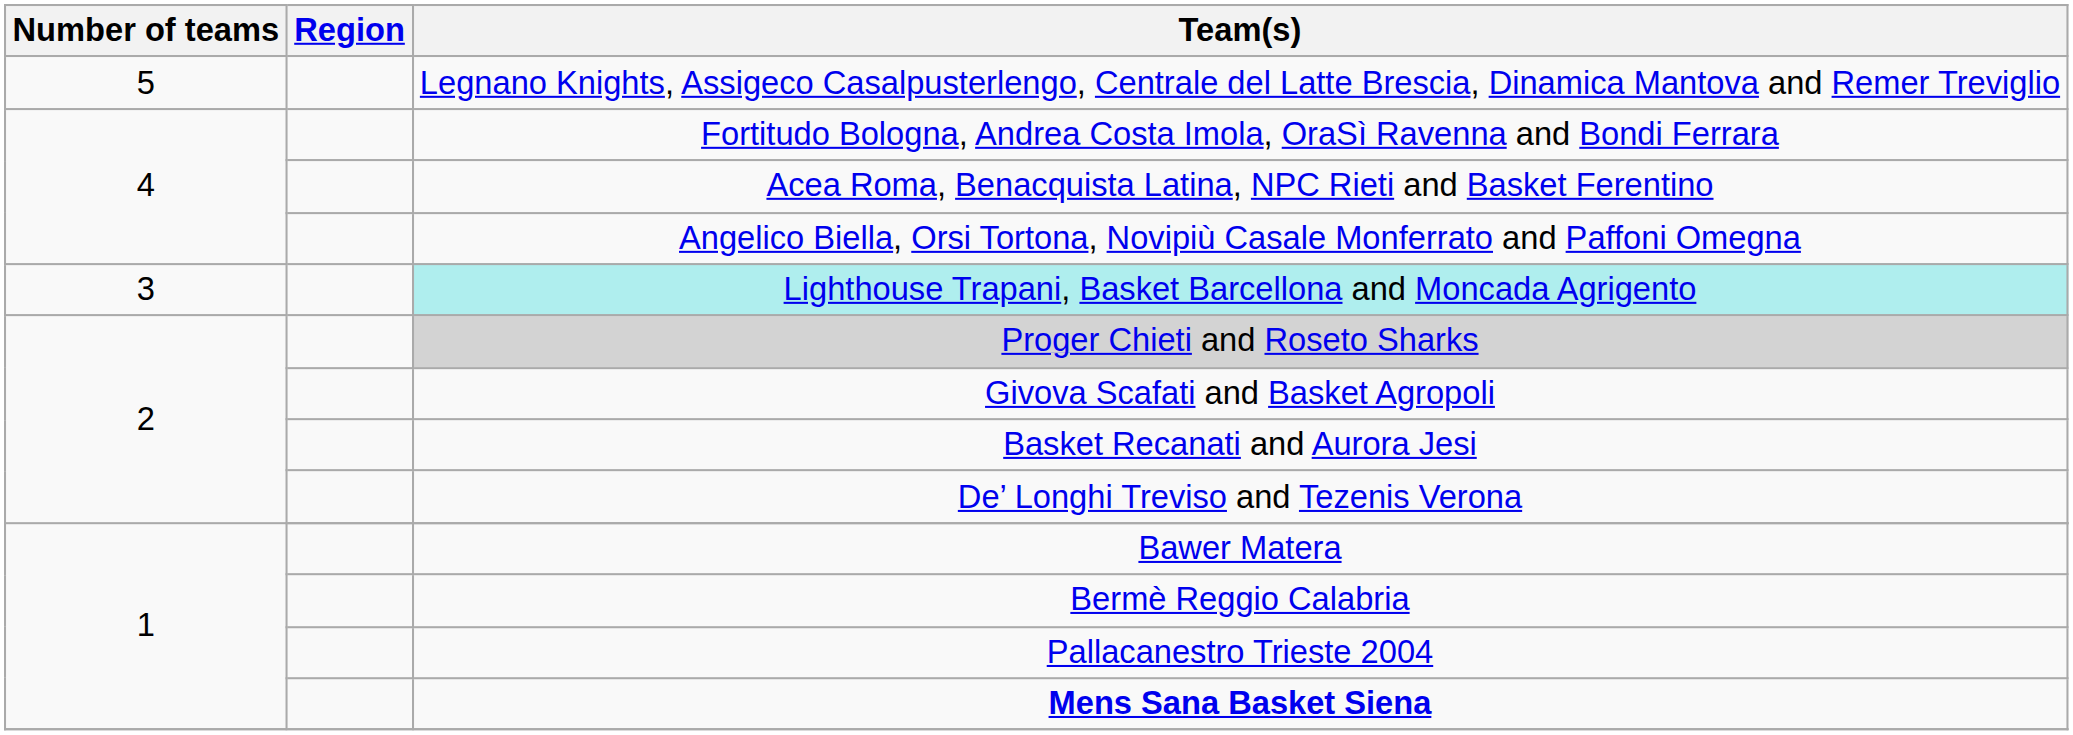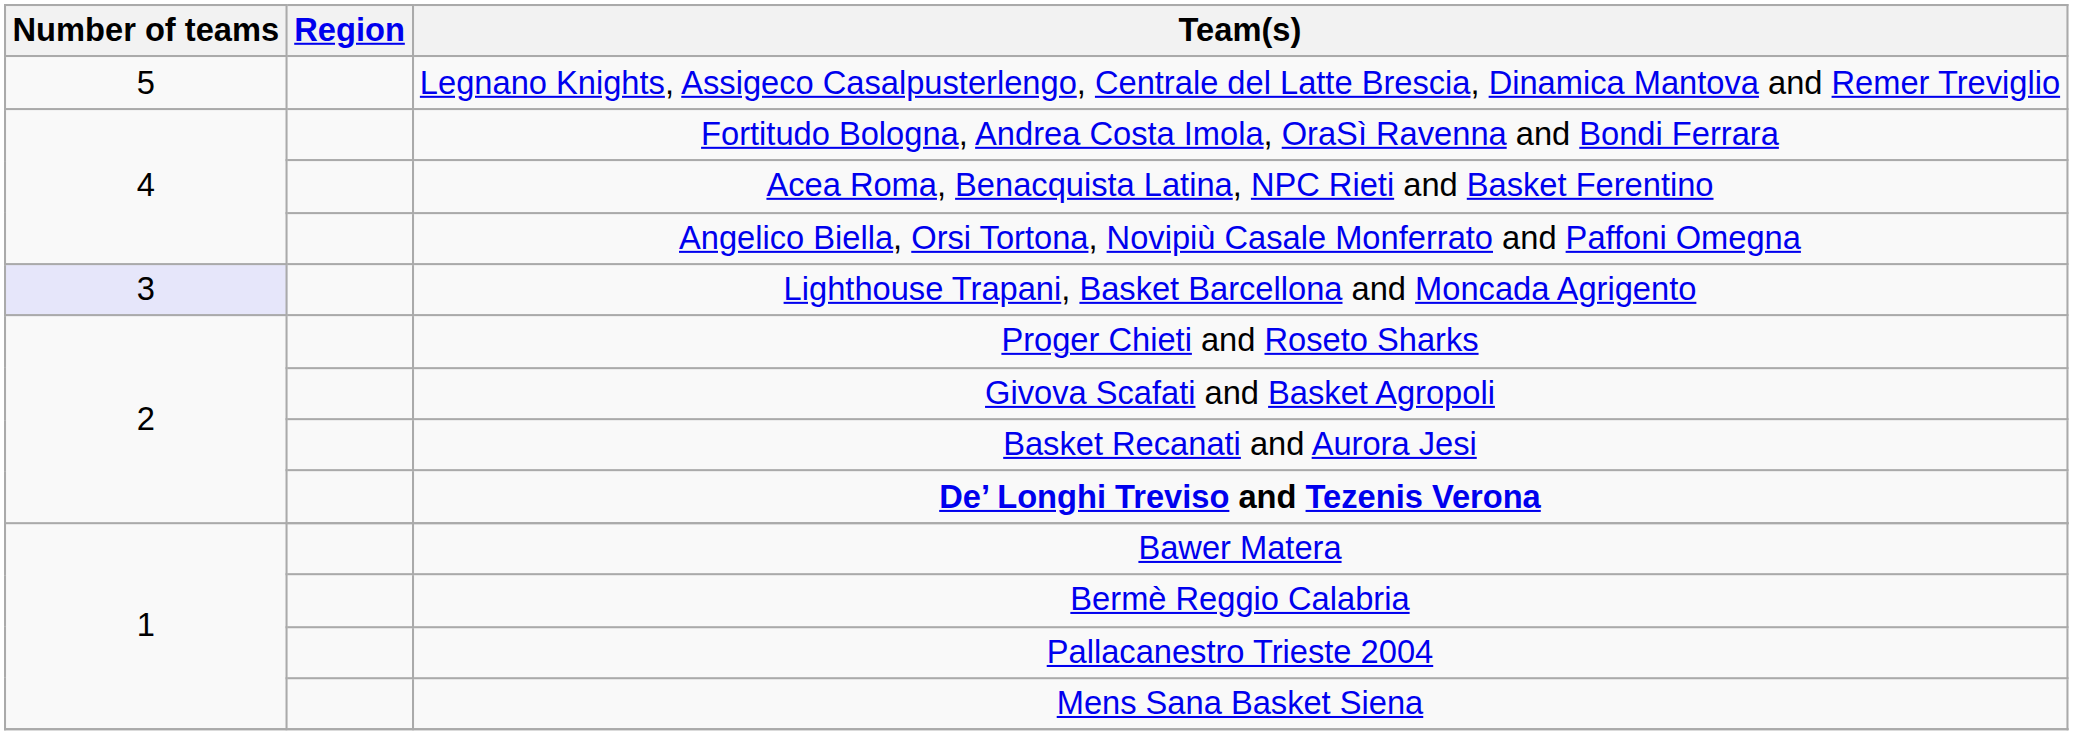 <table class="wikitable" style="text-align:center">
 <tr>
 <th>Number of teams</th>
 <th><a href='#'>Region</a></th>
 <th>Team(s)</th>
 </tr>
 <tr>
 <td rowspan="1">5</td>
 <td align="left"></td>
 <td><a href='#'>Legnano Knights</a>, <a href='#'>Assigeco Casalpusterlengo</a>, <a href='#'>Centrale del Latte Brescia</a>, <a href='#'>Dinamica Mantova</a> and <a href='#'>Remer Treviglio</a></td>
 </tr>
 <tr>
 <td rowspan="3">4</td>
 <td align="left"></td>
 <td><a href='#'>Fortitudo Bologna</a>, <a href='#'>Andrea Costa Imola</a>, <a href='#'>OraSì Ravenna</a> and <a href='#'>Bondi Ferrara</a></td>
 </tr>
 <tr>
 <td align="left"></td>
 <td><a href='#'>Acea Roma</a>, <a href='#'>Benacquista Latina</a>, <a href='#'>NPC Rieti</a> and <a href='#'>Basket Ferentino</a></td>
 </tr>
 <tr>
 <td align="left"></td>
 <td><a href='#'>Angelico Biella</a>, <a href='#'>Orsi Tortona</a>, <a href='#'>Novipiù Casale Monferrato</a> and <a href='#'>Paffoni Omegna</a></td>
 </tr>
 <tr>
-<td rowspan="1">3</td>
+<td rowspan="1" style="background: lavender;">3</td>
 <td align="left"></td>
-<td style="background: paleturquoise;"><a href='#'>Lighthouse Trapani</a>, <a href='#'>Basket Barcellona</a> and <a href='#'>Moncada Agrigento</a></td>
+<td><a href='#'>Lighthouse Trapani</a>, <a href='#'>Basket Barcellona</a> and <a href='#'>Moncada Agrigento</a></td>
 </tr>
 <tr>
 <td rowspan="4">2</td>
 <td align="left"></td>
-<td style="background: lightgrey;"><a href='#'>Proger Chieti</a> and <a href='#'>Roseto Sharks</a></td>
+<td><a href='#'>Proger Chieti</a> and <a href='#'>Roseto Sharks</a></td>
 </tr>
 <tr>
 <td align="left"></td>
 <td><a href='#'>Givova Scafati</a> and <a href='#'>Basket Agropoli</a></td>
 </tr>
 <tr>
 <td align="left"></td>
 <td><a href='#'>Basket Recanati</a> and <a href='#'>Aurora Jesi</a></td>
 </tr>
 <tr>
 <td align="left"></td>
-<td><a href='#'>De’ Longhi Treviso</a> and <a href='#'>Tezenis Verona</a></td>
+<td><strong><a href='#'>De’ Longhi Treviso</a> and <a href='#'>Tezenis Verona</a></strong></td>
 </tr>
 <tr>
 <td rowspan="5">1</td>
 </tr>
 <tr>
 <td align="left"></td>
 <td><a href='#'>Bawer Matera</a></td>
 </tr>
 <tr>
 <td align="left"></td>
 <td><a href='#'>Bermè Reggio Calabria</a></td>
 </tr>
 <tr>
 <td align="left"></td>
 <td><a href='#'>Pallacanestro Trieste 2004</a></td>
 </tr>
 <tr>
 <td align="left"></td>
-<td><strong><a href='#'>Mens Sana Basket Siena</a></strong></td>
+<td><a href='#'>Mens Sana Basket Siena</a></td>
 </tr>
 <tr>
 </tr>
 </table>
